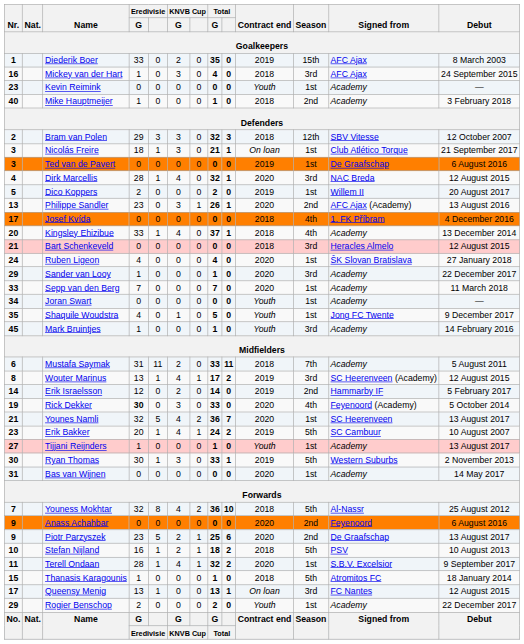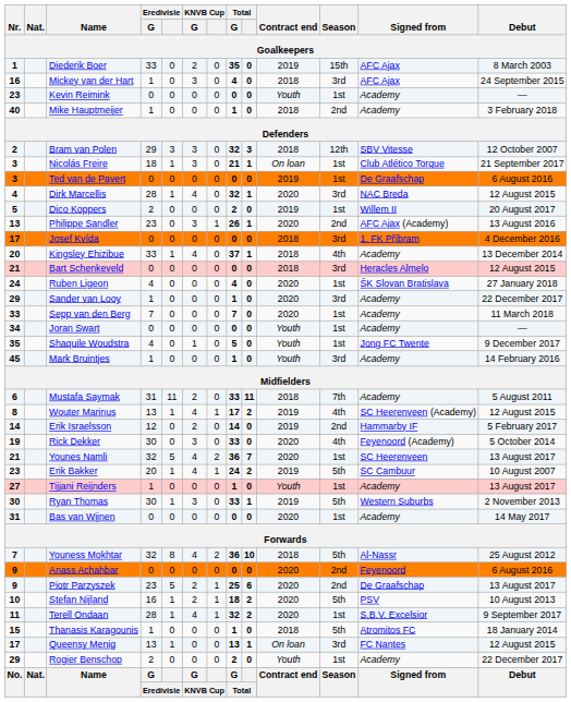 <table class="wikitable" style="font-size:85%; text-align: center;">
 <tr>
 <th rowspan=2 valign="bottom">Nr.</th>
 <th rowspan=2 valign="bottom">Nat.</th>
 <th rowspan=2 valign="bottom">Name</th>
 <th colspan=2><small>Eredivisie</small></th>
 <th colspan=2><small>KNVB Cup</small></th>
 <th colspan=2><small>Total</small></th>
 <th rowspan=2 valign="bottom">Contract end</th>
 <th rowspan=2 valign="bottom">Season</th>
 <th rowspan=2 valign="bottom">Signed from</th>
 <th rowspan=2 valign="bottom">Debut</th>
 </tr>
 <tr bgcolor="#D7E5EF">
 <th>G</th>
 <th></th>
 <th>G</th>
 <th></th>
 <th>G</th>
 <th></th>
 </tr>
 <tr>
 <th colspan=15 align=left style="padding-top:15px;">Goalkeepers</th>
 </tr>
 <tr bgcolor="#F0F5F9">
 <td><strong>1</strong></td>
 <td></td>
 <td align=left><a href='#'>Diederik Boer</a></td>
 <td>33</td>
 <td>0</td>
 <td>2</td>
 <td>0</td>
 <td><strong>35</strong></td>
 <td><strong>0</strong></td>
 <td>2019</td>
 <td>15th</td>
 <td align=left> <a href='#'>AFC Ajax</a></td>
 <td>8 March 2003</td>
 </tr>
 <tr>
 <td><strong>16</strong></td>
 <td></td>
 <td align=left><a href='#'>Mickey van der Hart</a></td>
 <td>1</td>
 <td>0</td>
 <td>3</td>
 <td>0</td>
 <td><strong>4</strong></td>
 <td><strong>0</strong></td>
 <td>2018</td>
 <td>3rd</td>
 <td align=left> <a href='#'>AFC Ajax</a></td>
 <td>24 September 2015</td>
 </tr>
 <tr bgcolor="#F0F5F9">
 <td><strong>23</strong></td>
 <td></td>
 <td align=left><a href='#'>Kevin Reimink</a></td>
 <td>0</td>
 <td>0</td>
 <td>0</td>
 <td>0</td>
 <td><strong>0</strong></td>
 <td><strong>0</strong></td>
 <td><em>Youth</em></td>
 <td>1st</td>
 <td align=left><em>Academy</em></td>
 <td>—</td>
 </tr>
 <tr>
 <td><strong>40</strong></td>
 <td></td>
 <td align=left><a href='#'>Mike Hauptmeijer</a></td>
 <td>1</td>
 <td>0</td>
 <td>0</td>
 <td>0</td>
 <td><strong>1</strong></td>
 <td><strong>0</strong></td>
 <td>2018</td>
 <td>2nd</td>
 <td align=left><em>Academy</em></td>
 <td>3 February 2018</td>
 </tr>
 <tr>
 <th colspan=15 align=left style="padding-top:15px;">Defenders</th>
 </tr>
 <tr bgcolor="#F0F5F9">
 <td><strong>2</strong></td>
 <td></td>
 <td align=left><a href='#'>Bram van Polen</a></td>
 <td>29</td>
 <td>3</td>
 <td>3</td>
 <td>0</td>
 <td><strong>32</strong></td>
 <td><strong>3</strong></td>
 <td>2018</td>
 <td>12th</td>
 <td align=left> <a href='#'>SBV Vitesse</a></td>
 <td>12 October 2007</td>
 </tr>
 <tr>
 <td><strong>3</strong></td>
 <td></td>
 <td align=left><a href='#'>Nicolás Freire</a></td>
 <td>18</td>
 <td>1</td>
 <td>3</td>
 <td>0</td>
 <td><strong>21</strong></td>
 <td><strong>1</strong></td>
 <td><em>On loan</em></td>
 <td>1st</td>
 <td align=left> <a href='#'>Club Atlético Torque</a></td>
 <td>21 September 2017</td>
 </tr>
 <tr bgcolor="#FF7F00">
 <td><strong>3</strong></td>
 <td></td>
 <td align=left><a href='#'>Ted van de Pavert</a></td>
 <td>0</td>
 <td>0</td>
 <td>0</td>
 <td>0</td>
 <td><strong>0</strong></td>
 <td><strong>0</strong></td>
 <td>2019</td>
 <td>1st</td>
 <td align=left> <a href='#'>De Graafschap</a></td>
 <td>6 August 2016</td>
 </tr>
 <tr>
 <td><strong>4</strong></td>
 <td></td>
 <td align=left><a href='#'>Dirk Marcellis</a></td>
 <td>28</td>
 <td>1</td>
 <td>4</td>
 <td>0</td>
 <td><strong>32</strong></td>
 <td><strong>1</strong></td>
 <td>2020</td>
 <td>3rd</td>
 <td align=left> <a href='#'>NAC Breda</a></td>
 <td>12 August 2015</td>
 </tr>
 <tr bgcolor="#F0F5F9">
 <td><strong>5</strong></td>
 <td></td>
 <td align=left><a href='#'>Dico Koppers</a></td>
 <td>2</td>
 <td>0</td>
 <td>0</td>
 <td>0</td>
 <td><strong>2</strong></td>
 <td><strong>0</strong></td>
 <td>2019</td>
 <td>1st</td>
 <td align=left> <a href='#'>Willem II</a></td>
 <td>20 August 2017</td>
 </tr>
 <tr>
 <td><strong>13</strong></td>
 <td></td>
 <td align=left><a href='#'>Philippe Sandler</a></td>
 <td>23</td>
 <td>0</td>
 <td>3</td>
 <td>1</td>
 <td><strong>26</strong></td>
 <td><strong>1</strong></td>
 <td>2020</td>
 <td>2nd</td>
 <td align=left> <a href='#'>AFC Ajax</a> (Academy)</td>
 <td>13 August 2016</td>
 </tr>
 <tr bgcolor="#FF7F00">
 <td><strong>17</strong></td>
 <td></td>
 <td align=left><a href='#'>Josef Kvída</a></td>
 <td>0</td>
 <td>0</td>
 <td>0</td>
 <td>0</td>
 <td><strong>0</strong></td>
 <td><strong>0</strong></td>
 <td>2018</td>
-<td>4th</td>
+<td>3rd</td>
 <td align=left> <a href='#'>1. FK Příbram</a></td>
 <td>4 December 2016</td>
 </tr>
 <tr>
 <td><strong>20</strong></td>
 <td></td>
 <td align=left><a href='#'>Kingsley Ehizibue</a></td>
 <td>33</td>
 <td>1</td>
 <td>4</td>
 <td>0</td>
 <td><strong>37</strong></td>
 <td><strong>1</strong></td>
 <td>2018</td>
 <td>4th</td>
 <td align=left><em>Academy</em></td>
 <td>13 December 2014</td>
 </tr>
 <tr bgcolor="#FFCCCC">
 <td><strong>21</strong></td>
 <td></td>
 <td align=left><a href='#'>Bart Schenkeveld</a></td>
 <td>0</td>
 <td>0</td>
 <td>0</td>
 <td>0</td>
 <td><strong>0</strong></td>
 <td><strong>0</strong></td>
 <td>2018</td>
 <td>3rd</td>
 <td align=left> <a href='#'>Heracles Almelo</a></td>
 <td>12 August 2015</td>
 </tr>
 <tr>
 <td><strong>24</strong></td>
 <td></td>
 <td align=left><a href='#'>Ruben Ligeon</a></td>
 <td>4</td>
 <td>0</td>
 <td>0</td>
 <td>0</td>
 <td><strong>4</strong></td>
 <td><strong>0</strong></td>
 <td>2020</td>
 <td>1st</td>
 <td align=left> <a href='#'>ŠK Slovan Bratislava</a></td>
 <td>27 January 2018</td>
 </tr>
 <tr bgcolor="#F0F5F9">
 <td><strong>29</strong></td>
 <td></td>
 <td align=left><a href='#'>Sander van Looy</a></td>
 <td>1</td>
 <td>0</td>
 <td>0</td>
 <td>0</td>
 <td><strong>1</strong></td>
 <td><strong>0</strong></td>
 <td>2020</td>
 <td>3rd</td>
 <td align=left><em>Academy</em></td>
 <td>22 December 2017</td>
 </tr>
 <tr>
 <td><strong>33</strong></td>
 <td></td>
 <td align=left><a href='#'>Sepp van den Berg</a></td>
 <td>7</td>
 <td>0</td>
 <td>0</td>
 <td>0</td>
 <td><strong>7</strong></td>
 <td><strong>0</strong></td>
 <td>2020</td>
 <td>1st</td>
 <td align=left><em>Academy</em></td>
 <td>11 March 2018</td>
 </tr>
 <tr bgcolor="#F0F5F9">
 <td><strong>34</strong></td>
 <td></td>
 <td align=left><a href='#'>Joran Swart</a></td>
 <td>0</td>
 <td>0</td>
 <td>0</td>
 <td>0</td>
 <td><strong>0</strong></td>
 <td><strong>0</strong></td>
 <td><em>Youth</em></td>
 <td>1st</td>
 <td align=left><em>Academy</em></td>
 <td>—</td>
 </tr>
 <tr>
 <td><strong>35</strong></td>
 <td></td>
 <td align=left><a href='#'>Shaquile Woudstra</a></td>
 <td>4</td>
 <td>0</td>
 <td>1</td>
 <td>0</td>
 <td><strong>5</strong></td>
 <td><strong>0</strong></td>
 <td><em>Youth</em></td>
 <td>1st</td>
 <td align=left> <a href='#'>Jong FC Twente</a></td>
 <td>9 December 2017</td>
 </tr>
 <tr bgcolor="#F0F5F9">
 <td><strong>45</strong></td>
 <td></td>
 <td align=left><a href='#'>Mark Bruintjes</a></td>
 <td>1</td>
 <td>0</td>
 <td>0</td>
 <td>0</td>
 <td><strong>1</strong></td>
 <td><strong>0</strong></td>
 <td><em>Youth</em></td>
 <td>3rd</td>
 <td align=left><em>Academy</em></td>
 <td>14 February 2016</td>
 </tr>
 <tr>
 <th colspan=15 align=left style="padding-top:15px;">Midfielders</th>
 </tr>
 <tr bgcolor="#F0F5F9">
 <td><strong>6</strong></td>
 <td></td>
 <td align=left><a href='#'>Mustafa Saymak</a></td>
 <td>31</td>
 <td>11</td>
 <td>2</td>
 <td>0</td>
 <td><strong>33</strong></td>
 <td><strong>11</strong></td>
 <td>2018</td>
 <td>7th</td>
 <td align=left><em>Academy</em></td>
 <td>5 August 2011</td>
 </tr>
 <tr>
 <td><strong>8</strong></td>
 <td></td>
 <td align=left><a href='#'>Wouter Marinus</a></td>
 <td>13</td>
 <td>1</td>
 <td>4</td>
 <td>1</td>
 <td><strong>17</strong></td>
 <td><strong>2</strong></td>
 <td>2019</td>
-<td>3rd</td>
+<td>4th</td>
 <td align=left> <a href='#'>SC Heerenveen</a> (Academy)</td>
 <td>12 August 2015</td>
 </tr>
 <tr bgcolor="#F0F5F9">
 <td><strong>14</strong></td>
 <td></td>
 <td align=left><a href='#'>Erik Israelsson</a></td>
 <td>12</td>
 <td>0</td>
 <td>2</td>
 <td>0</td>
 <td><strong>14</strong></td>
 <td><strong>0</strong></td>
 <td>2019</td>
 <td>2nd</td>
 <td align=left> <a href='#'>Hammarby IF</a></td>
 <td>5 February 2017</td>
 </tr>
 <tr>
 <td><strong>19</strong></td>
 <td></td>
 <td align=left><a href='#'>Rick Dekker</a></td>
-<td><strong>30</strong></td>
+<td>30</td>
 <td>0</td>
 <td>3</td>
 <td>0</td>
 <td><strong>33</strong></td>
 <td><strong>0</strong></td>
 <td>2020</td>
 <td>4th</td>
 <td align=left> <a href='#'>Feyenoord</a> (Academy)</td>
 <td>5 October 2014</td>
 </tr>
 <tr bgcolor="#F0F5F9">
 <td><strong>21</strong></td>
 <td></td>
 <td align=left><a href='#'>Younes Namli</a></td>
 <td>32</td>
 <td>5</td>
 <td>4</td>
 <td>2</td>
 <td><strong>36</strong></td>
 <td><strong>7</strong></td>
 <td>2020</td>
 <td>1st</td>
 <td align=left> <a href='#'>SC Heerenveen</a></td>
 <td>13 August 2017</td>
 </tr>
 <tr>
 <td><strong>23</strong></td>
 <td></td>
 <td align=left><a href='#'>Erik Bakker</a></td>
 <td>20</td>
 <td>1</td>
 <td>4</td>
 <td>1</td>
 <td><strong>24</strong></td>
 <td><strong>2</strong></td>
 <td>2019</td>
 <td>5th</td>
 <td align=left> <a href='#'>SC Cambuur</a></td>
 <td>10 August 2007</td>
 </tr>
 <tr bgcolor="#FFCCCC">
 <td><strong>27</strong></td>
 <td></td>
 <td align=left><a href='#'>Tijjani Reijnders</a></td>
 <td>1</td>
 <td>0</td>
 <td>0</td>
 <td>0</td>
 <td><strong>1</strong></td>
 <td><strong>0</strong></td>
 <td><em>Youth</em></td>
 <td>1st</td>
 <td align=left><em>Academy</em></td>
 <td>13 August 2017</td>
 </tr>
 <tr>
 <td><strong>30</strong></td>
 <td></td>
 <td align=left><a href='#'>Ryan Thomas</a></td>
 <td>30</td>
 <td>1</td>
 <td>3</td>
 <td>0</td>
 <td><strong>33</strong></td>
 <td><strong>1</strong></td>
 <td>2019</td>
 <td>5th</td>
 <td align=left> <a href='#'>Western Suburbs</a></td>
 <td>2 November 2013</td>
 </tr>
 <tr bgcolor="#F0F5F9">
 <td><strong>31</strong></td>
 <td></td>
 <td align=left><a href='#'>Bas van Wijnen</a></td>
 <td>0</td>
 <td>0</td>
 <td>0</td>
 <td>0</td>
 <td><strong>0</strong></td>
 <td><strong>0</strong></td>
 <td>2020</td>
 <td>1st</td>
 <td align=left><em>Academy</em></td>
 <td>14 May 2017</td>
 </tr>
 <tr>
 <th colspan=15 align=left style="padding-top:15px;">Forwards</th>
 </tr>
 <tr bgcolor="#F0F5F9">
 <td><strong>7</strong></td>
 <td></td>
 <td align=left><a href='#'>Youness Mokhtar</a></td>
 <td>32</td>
 <td>8</td>
 <td>4</td>
 <td>2</td>
 <td><strong>36</strong></td>
 <td><strong>10</strong></td>
 <td>2018</td>
 <td>5th</td>
 <td align=left> <a href='#'>Al-Nassr</a></td>
 <td>25 August 2012</td>
 </tr>
 <tr bgcolor="#FF7F00">
 <td><strong>9</strong></td>
 <td></td>
 <td align=left><a href='#'>Anass Achahbar</a></td>
 <td>0</td>
 <td>0</td>
 <td>0</td>
 <td>0</td>
 <td><strong>0</strong></td>
 <td><strong>0</strong></td>
 <td>2020</td>
 <td>2nd</td>
 <td align=left> <a href='#'>Feyenoord</a></td>
 <td>6 August 2016</td>
 </tr>
 <tr bgcolor="#F0F5F9">
 <td><strong>9</strong></td>
 <td></td>
 <td align=left><a href='#'>Piotr Parzyszek</a></td>
 <td>23</td>
 <td>5</td>
 <td>2</td>
 <td>1</td>
 <td><strong>25</strong></td>
 <td><strong>6</strong></td>
 <td>2020</td>
 <td>2nd</td>
 <td align=left> <a href='#'>De Graafschap</a></td>
 <td>13 August 2017</td>
 </tr>
 <tr>
 <td><strong>10</strong></td>
 <td></td>
 <td align=left><a href='#'>Stefan Nijland</a></td>
 <td>16</td>
 <td>1</td>
 <td>2</td>
 <td>1</td>
 <td><strong>18</strong></td>
 <td><strong>2</strong></td>
-<td>2018</td>
+<td>2020</td>
 <td>5th</td>
 <td align=left> <a href='#'>PSV</a></td>
 <td>10 August 2013</td>
 </tr>
 <tr bgcolor="#F0F5F9">
 <td><strong>11</strong></td>
 <td></td>
 <td align=left><a href='#'>Terell Ondaan</a></td>
 <td>28</td>
 <td>1</td>
 <td>4</td>
 <td>1</td>
 <td><strong>32</strong></td>
 <td><strong>2</strong></td>
 <td>2020</td>
 <td>1st</td>
 <td align=left> <a href='#'>S.B.V. Excelsior</a></td>
 <td>9 September 2017</td>
 </tr>
 <tr>
 <td><strong>15</strong></td>
 <td></td>
 <td align=left><a href='#'>Thanasis Karagounis</a></td>
 <td>1</td>
 <td>0</td>
 <td>0</td>
 <td>0</td>
 <td><strong>1</strong></td>
 <td><strong>0</strong></td>
 <td>2018</td>
 <td>5th</td>
 <td align=left> <a href='#'>Atromitos FC</a></td>
 <td>18 January 2014</td>
 </tr>
 <tr bgcolor="#F0F5F9">
 <td><strong>17</strong></td>
 <td></td>
 <td align=left><a href='#'>Queensy Menig</a></td>
 <td>13</td>
 <td>1</td>
 <td>0</td>
 <td>0</td>
 <td><strong>13</strong></td>
 <td><strong>1</strong></td>
 <td><em>On loan</em></td>
 <td>3rd</td>
 <td align=left> <a href='#'>FC Nantes</a></td>
 <td>12 August 2015</td>
 </tr>
 <tr>
 <td><strong>29</strong></td>
 <td></td>
 <td align=left><a href='#'>Rogier Benschop</a></td>
 <td>2</td>
 <td>0</td>
 <td>0</td>
 <td>0</td>
 <td><strong>2</strong></td>
 <td><strong>0</strong></td>
 <td><em>Youth</em></td>
 <td>1st</td>
 <td align=left><em>Academy</em></td>
 <td>22 December 2017</td>
 </tr>
 <tr bgcolor="#D7E5EF">
 <th rowspan=2 valign="top">No.</th>
 <th rowspan=2 valign="top">Nat.</th>
 <th rowspan=2 valign="top">Name</th>
 <th>G</th>
 <th></th>
 <th>G</th>
 <th></th>
 <th>G</th>
 <th></th>
 <th rowspan=2 valign="top">Contract end</th>
 <th rowspan=2 valign="top">Season</th>
 <th rowspan=2 valign="top">Signed from</th>
 <th rowspan=2 valign="top">Debut</th>
 </tr>
 <tr bgcolor="#D7E5EF">
 <th colspan=2><small>Eredivisie</small></th>
 <th colspan=2><small>KNVB Cup</small></th>
 <th colspan=2><small>Total</small></th>
 </tr>
 </table>
